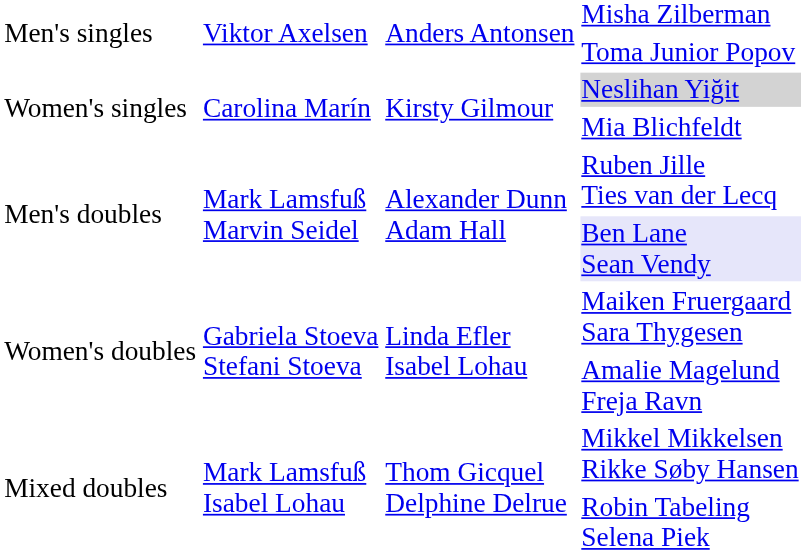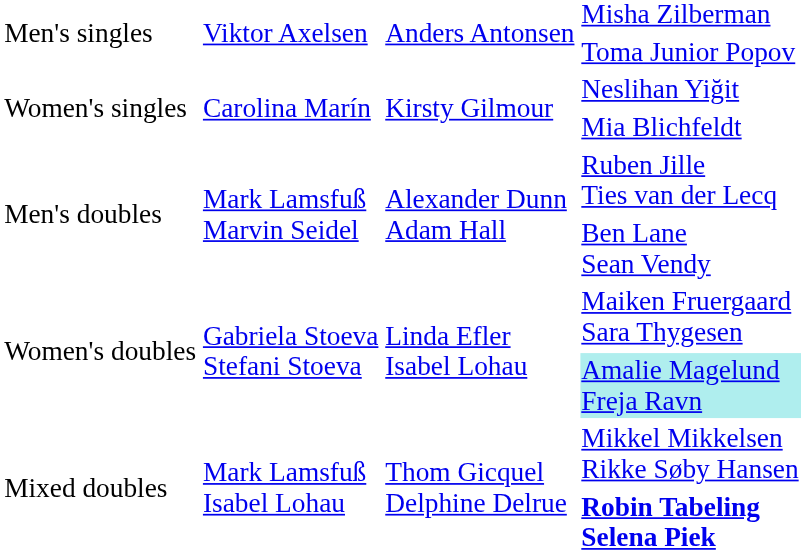 <table>
 <tr>
 <td rowspan="2">Men's singles</td>
 <td rowspan="2"> <a href='#'>Viktor Axelsen</a></td>
 <td rowspan="2"> <a href='#'>Anders Antonsen</a></td>
 <td> <a href='#'>Misha Zilberman</a></td>
 </tr>
 <tr>
 <td> <a href='#'>Toma Junior Popov</a></td>
 </tr>
 <tr>
 <td rowspan="2">Women's singles</td>
 <td rowspan="2"> <a href='#'>Carolina Marín</a></td>
 <td rowspan="2"> <a href='#'>Kirsty Gilmour</a></td>
-<td style="background: lightgrey;"> <a href='#'>Neslihan Yiğit</a></td>
+<td> <a href='#'>Neslihan Yiğit</a></td>
 </tr>
 <tr>
 <td> <a href='#'>Mia Blichfeldt</a></td>
 </tr>
 <tr>
 <td rowspan="2">Men's doubles</td>
 <td rowspan="2"> <a href='#'>Mark Lamsfuß</a><br> <a href='#'>Marvin Seidel</a></td>
 <td rowspan="2"> <a href='#'>Alexander Dunn</a><br> <a href='#'>Adam Hall</a></td>
 <td> <a href='#'>Ruben Jille</a><br> <a href='#'>Ties van der Lecq</a></td>
 </tr>
 <tr>
-<td style="background: lavender;"> <a href='#'>Ben Lane</a><br> <a href='#'>Sean Vendy</a></td>
+<td> <a href='#'>Ben Lane</a><br> <a href='#'>Sean Vendy</a></td>
 </tr>
 <tr>
 <td rowspan="2">Women's doubles</td>
 <td rowspan="2"> <a href='#'>Gabriela Stoeva</a><br> <a href='#'>Stefani Stoeva</a></td>
 <td rowspan="2"> <a href='#'>Linda Efler</a><br> <a href='#'>Isabel Lohau</a></td>
 <td> <a href='#'>Maiken Fruergaard</a><br> <a href='#'>Sara Thygesen</a></td>
 </tr>
 <tr>
-<td> <a href='#'>Amalie Magelund</a><br> <a href='#'>Freja Ravn</a></td>
+<td style="background: paleturquoise;"> <a href='#'>Amalie Magelund</a><br> <a href='#'>Freja Ravn</a></td>
 </tr>
 <tr>
 <td rowspan="2">Mixed doubles</td>
 <td rowspan="2"> <a href='#'>Mark Lamsfuß</a><br> <a href='#'>Isabel Lohau</a></td>
 <td rowspan="2"> <a href='#'>Thom Gicquel</a><br> <a href='#'>Delphine Delrue</a></td>
 <td> <a href='#'>Mikkel Mikkelsen</a><br> <a href='#'>Rikke Søby Hansen</a></td>
 </tr>
 <tr>
-<td> <a href='#'>Robin Tabeling</a><br> <a href='#'>Selena Piek</a></td>
+<td><strong> <a href='#'>Robin Tabeling</a><br> <a href='#'>Selena Piek</a></strong></td>
 </tr>
 </table>
